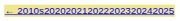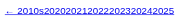 <table id=toc class=toc summary=Contents>
 <tr>
 <th></th>
 </tr>
 <tr>
-<td align=center style="background: khaki;"><a href='#'>← 2010s</a><a href='#'>2020</a><a href='#'>2021</a><a href='#'>2022</a><a href='#'>2023</a><a href='#'>2024</a><a href='#'>2025</a><br></td>
+<td align=center><a href='#'>← 2010s</a><a href='#'>2020</a><a href='#'>2021</a><a href='#'>2022</a><a href='#'>2023</a><a href='#'>2024</a><a href='#'>2025</a><br></td>
 </tr>
 </table>
